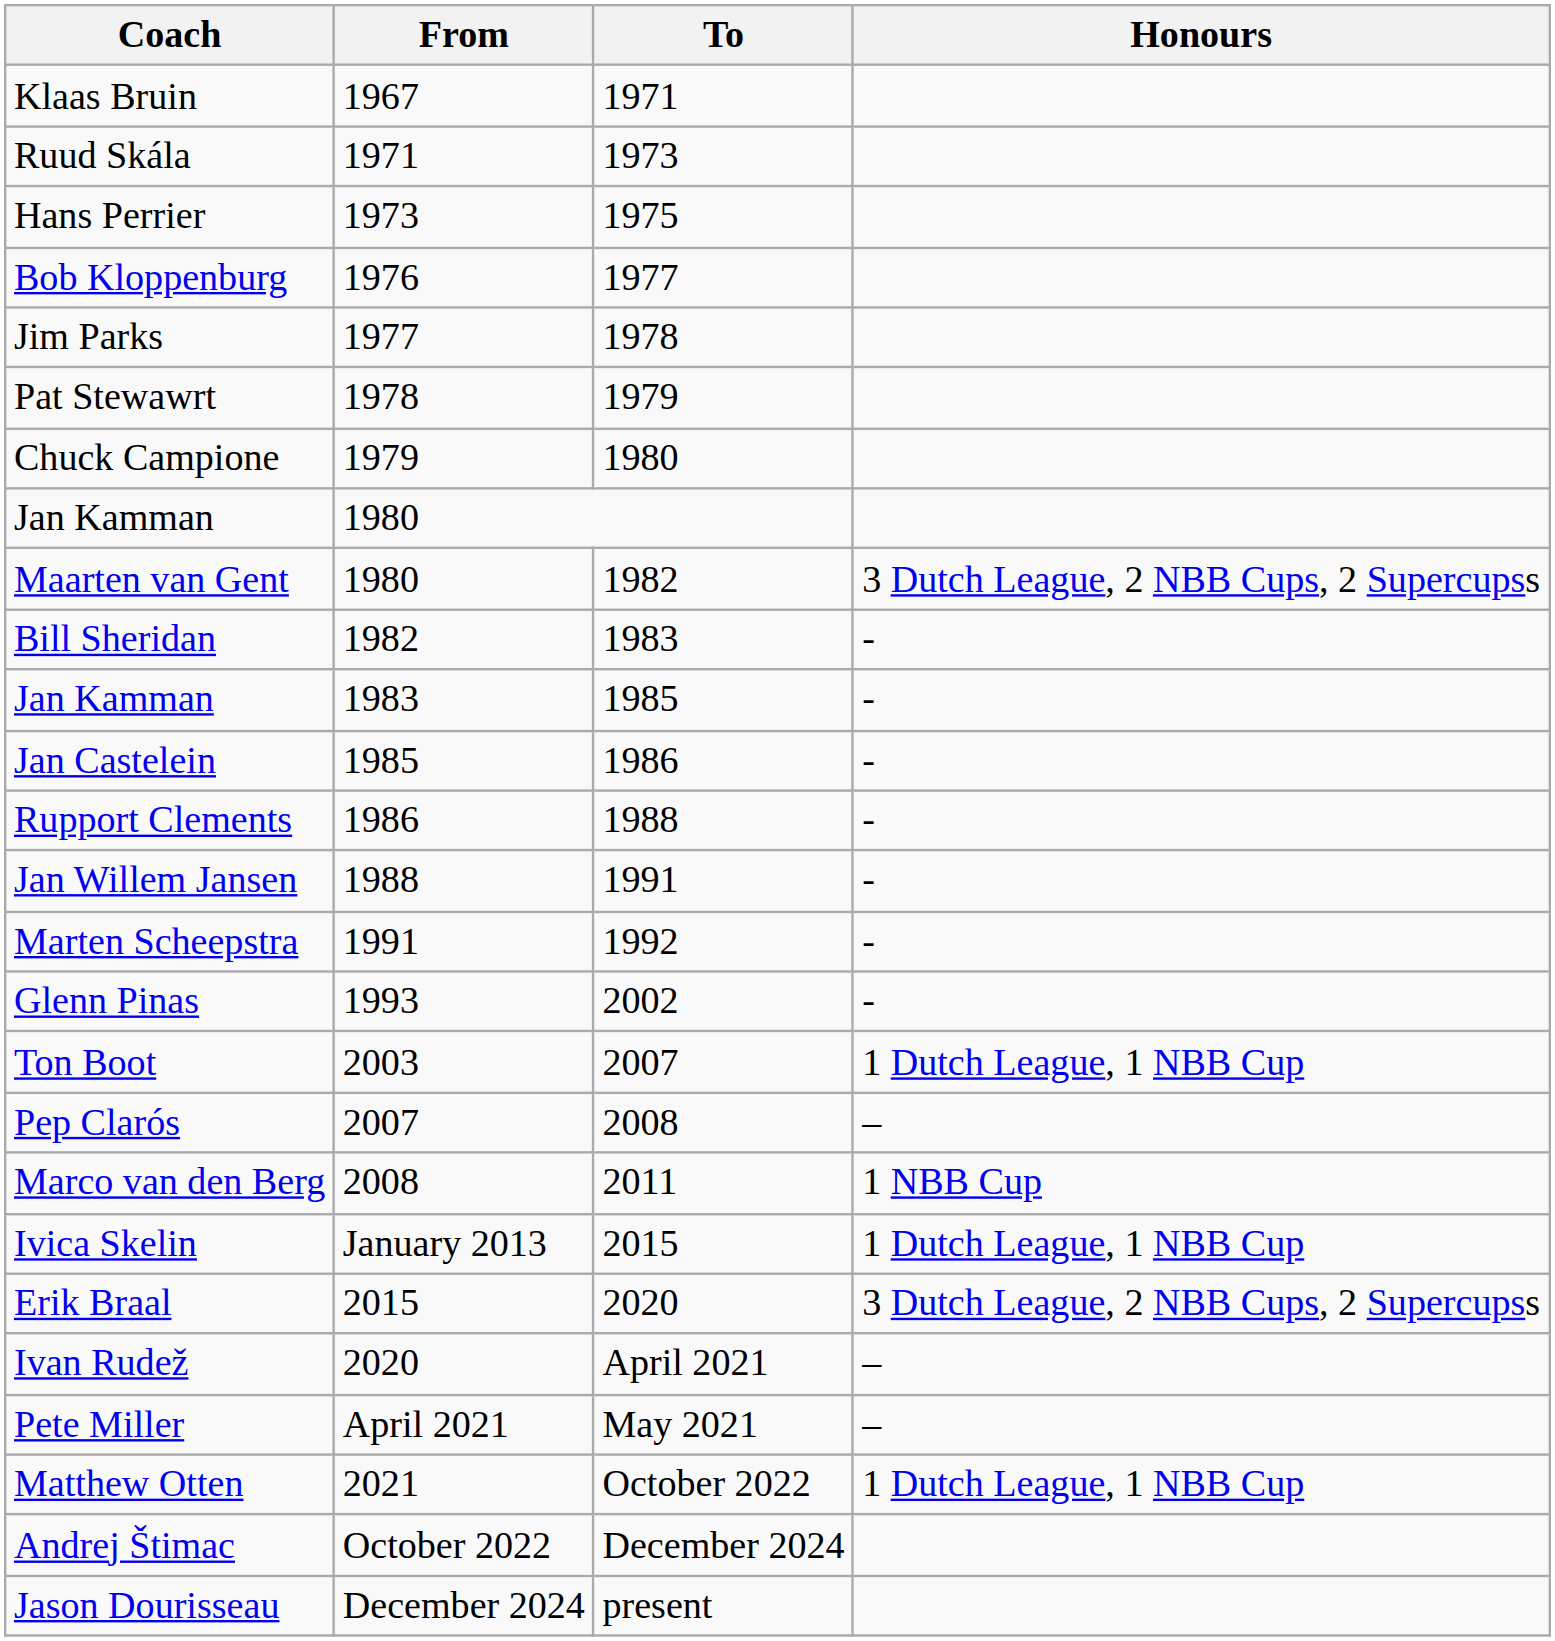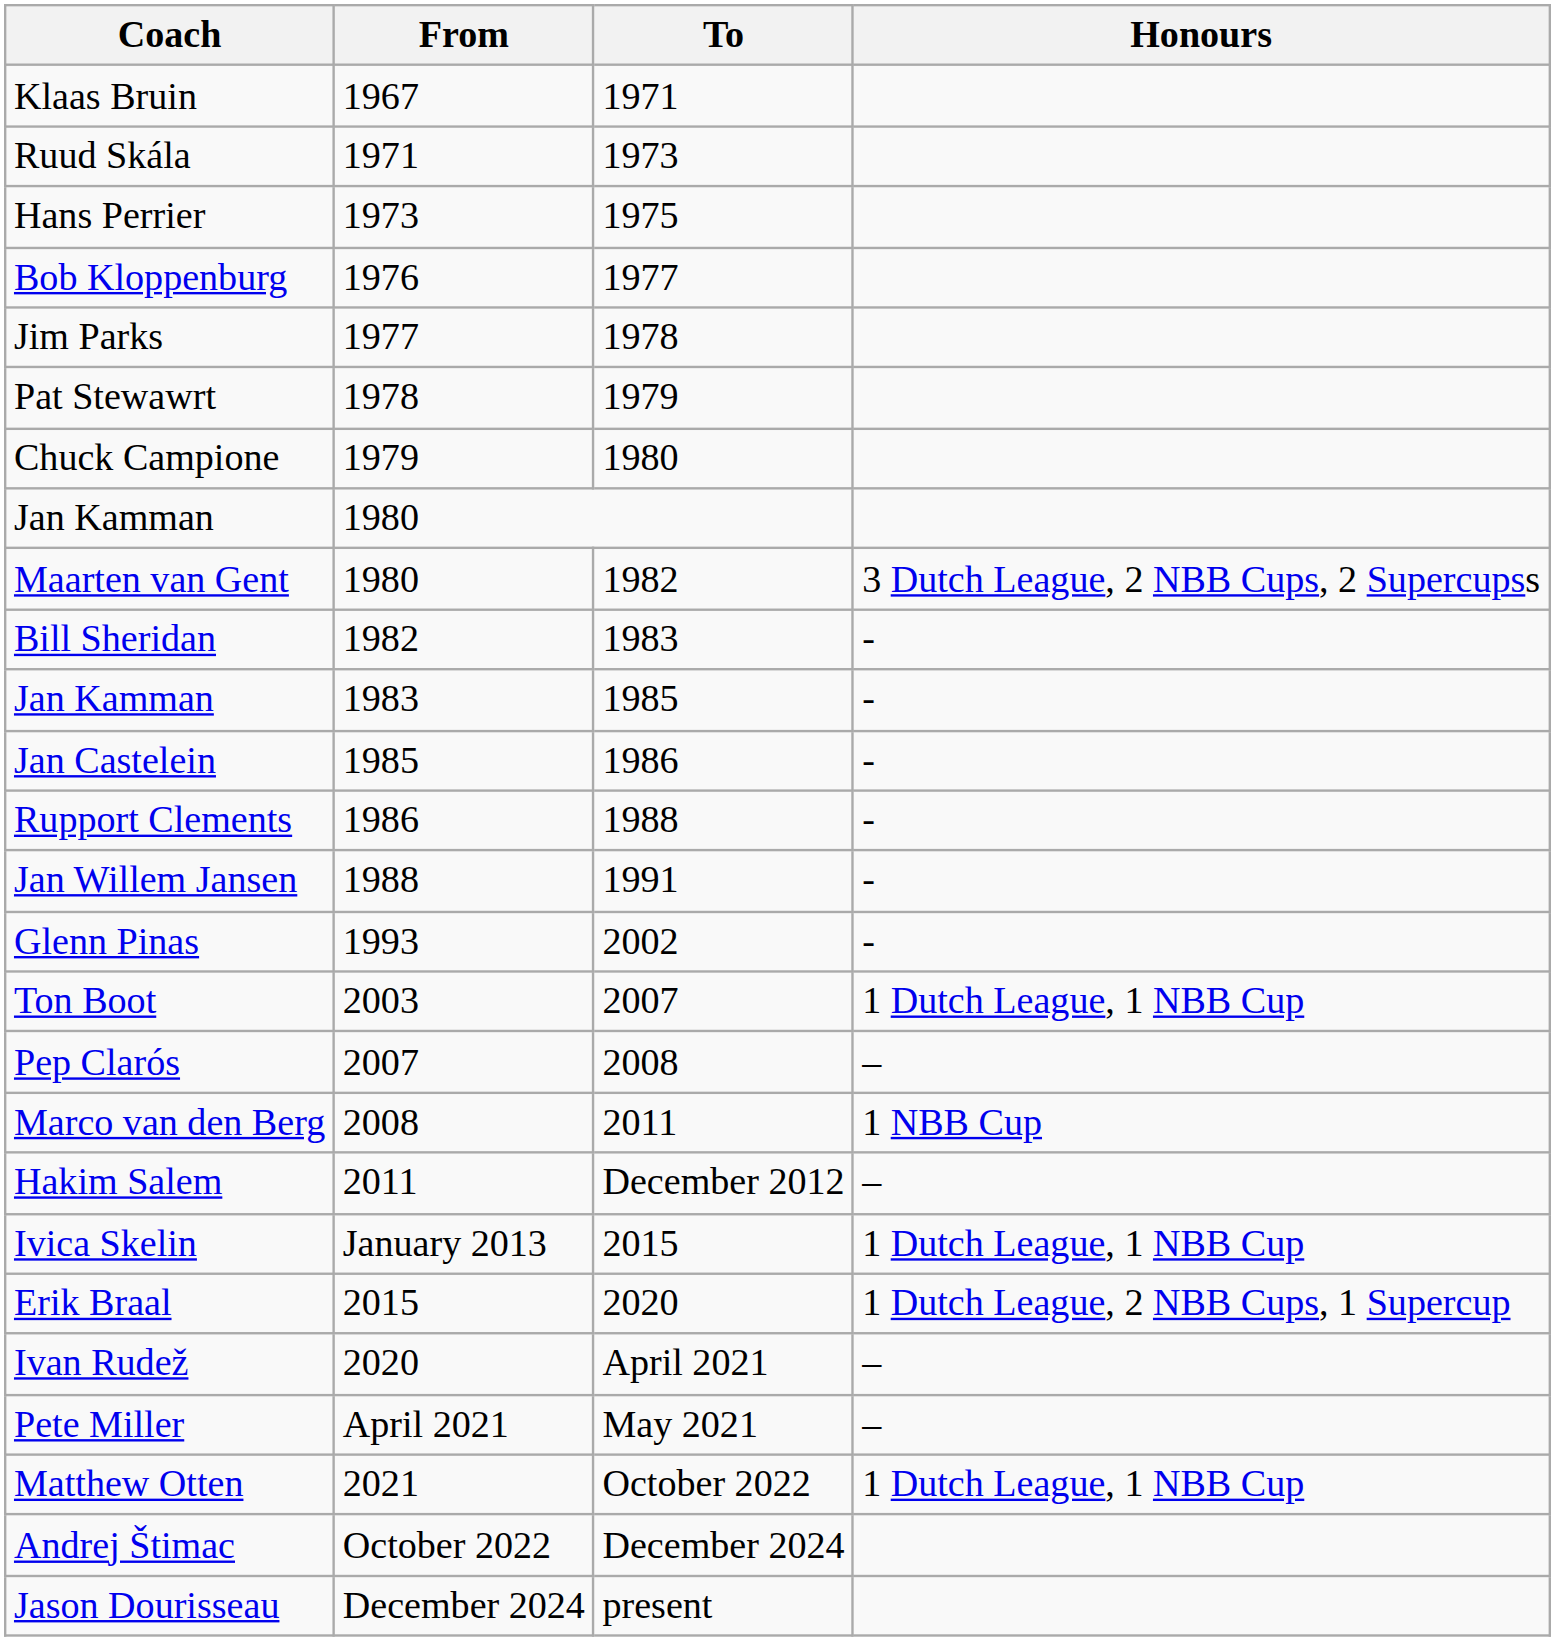 <table class="wikitable sortable">
 <tr>
 <th>Coach</th>
 <th>From</th>
 <th>To</th>
 <th>Honours</th>
 </tr>
 <tr>
 <td> Klaas Bruin</td>
 <td>1967</td>
 <td>1971</td>
 <td></td>
 </tr>
 <tr>
 <td> Ruud Skála</td>
 <td>1971</td>
 <td>1973</td>
 <td></td>
 </tr>
 <tr>
 <td> Hans Perrier</td>
 <td>1973</td>
 <td>1975</td>
 <td></td>
 </tr>
 <tr>
 <td> <a href='#'>Bob Kloppenburg</a></td>
 <td>1976</td>
 <td>1977</td>
 <td></td>
 </tr>
 <tr>
 <td> Jim Parks</td>
 <td>1977</td>
 <td>1978</td>
 <td></td>
 </tr>
 <tr>
 <td> Pat Stewawrt</td>
 <td>1978</td>
 <td>1979</td>
 <td></td>
 </tr>
 <tr>
 <td> Chuck Campione</td>
 <td>1979</td>
 <td>1980</td>
 <td></td>
 </tr>
 <tr>
 <td> Jan Kamman</td>
 <td colspan=2>1980</td>
 <td></td>
 </tr>
 <tr>
 <td> <a href='#'>Maarten van Gent</a></td>
 <td>1980</td>
 <td>1982</td>
 <td>3 <a href='#'>Dutch League</a>, 2 <a href='#'>NBB Cups</a>, 2 <a href='#'>Supercups</a>s</td>
 </tr>
 <tr>
 <td> <a href='#'>Bill Sheridan</a></td>
 <td>1982</td>
 <td>1983</td>
 <td>-</td>
 </tr>
 <tr>
 <td> <a href='#'>Jan Kamman</a></td>
 <td>1983</td>
 <td>1985</td>
 <td>-</td>
 </tr>
 <tr>
 <td> <a href='#'>Jan Castelein</a></td>
 <td>1985</td>
 <td>1986</td>
 <td>-</td>
 </tr>
 <tr>
 <td> <a href='#'>Rupport Clements</a></td>
 <td>1986</td>
 <td>1988</td>
 <td>-</td>
 </tr>
 <tr>
 <td> <a href='#'>Jan Willem Jansen</a></td>
 <td>1988</td>
 <td>1991</td>
 <td>-</td>
 </tr>
 <tr>
-<td> <a href='#'>Marten Scheepstra</a></td>
-<td>1991</td>
-<td>1992</td>
-<td>-</td>
-</tr>
-<tr>
 <td> <a href='#'>Glenn Pinas</a></td>
 <td>1993</td>
 <td>2002</td>
 <td>-</td>
 </tr>
 <tr>
 <td> <a href='#'>Ton Boot</a></td>
 <td>2003</td>
 <td>2007</td>
 <td>1 <a href='#'>Dutch League</a>, 1 <a href='#'>NBB Cup</a></td>
 </tr>
 <tr>
 <td> <a href='#'>Pep Clarós</a></td>
 <td>2007</td>
 <td>2008</td>
 <td>–</td>
 </tr>
 <tr>
 <td> <a href='#'>Marco van den Berg</a></td>
 <td>2008</td>
 <td>2011</td>
 <td>1 <a href='#'>NBB Cup</a></td>
 </tr>
 <tr>
+<td> <a href='#'>Hakim Salem</a></td>
+<td>2011</td>
+<td>December 2012</td>
+<td>–</td>
+</tr>
+<tr>
 <td> <a href='#'>Ivica Skelin</a></td>
 <td>January 2013</td>
 <td>2015</td>
 <td>1 <a href='#'>Dutch League</a>, 1 <a href='#'>NBB Cup</a></td>
 </tr>
 <tr>
 <td> <a href='#'>Erik Braal</a></td>
 <td>2015</td>
 <td>2020</td>
-<td>3 <a href='#'>Dutch League</a>, 2 <a href='#'>NBB Cups</a>, 2 <a href='#'>Supercups</a>s</td>
+<td>1 <a href='#'>Dutch League</a>, 2 <a href='#'>NBB Cups</a>, 1 <a href='#'>Supercup</a></td>
 </tr>
 <tr>
 <td> <a href='#'>Ivan Rudež</a></td>
 <td>2020</td>
 <td>April 2021</td>
 <td>–</td>
 </tr>
 <tr>
 <td> <a href='#'>Pete Miller</a></td>
 <td>April 2021</td>
 <td>May 2021</td>
 <td>–</td>
 </tr>
 <tr>
 <td> <a href='#'>Matthew Otten</a></td>
 <td>2021</td>
 <td>October 2022</td>
 <td>1 <a href='#'>Dutch League</a>, 1 <a href='#'>NBB Cup</a></td>
 </tr>
 <tr>
 <td> <a href='#'>Andrej Štimac</a></td>
 <td>October 2022</td>
 <td>December 2024</td>
 <td></td>
 </tr>
 <tr>
 <td> <a href='#'>Jason Dourisseau</a></td>
 <td>December 2024</td>
 <td>present</td>
 <td></td>
 </tr>
 </table>
